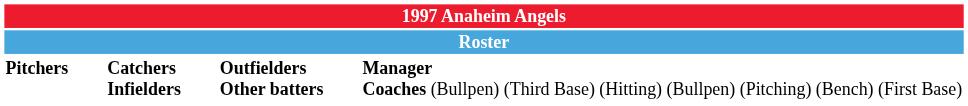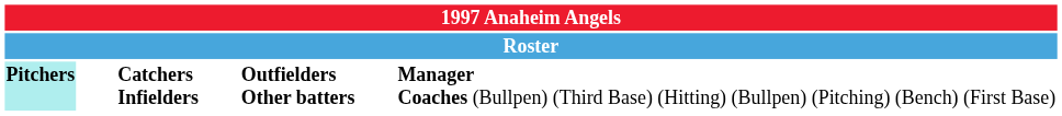 <table class="toccolours" style="font-size: 95%;">
 <tr>
 <th colspan="10" style="background:#ed1b2e; color:white; text-align:center;">1997 Anaheim Angels</th>
 </tr>
 <tr>
 <td colspan="10" style="background:#47a6dc; color:white; text-align:center;"><strong>Roster</strong></td>
 </tr>
 <tr>
-<td valign="top"><strong>Pitchers</strong><br>                    </td>
+<td valign="top" style="background: paleturquoise;"><strong>Pitchers</strong><br>                    </td>
 <td style="width:25px;"></td>
 <td valign="top"><strong>Catchers</strong><br>      <strong>Infielders</strong>         </td>
 <td style="width:25px;"></td>
 <td valign="top"><strong>Outfielders</strong><br>     <strong>Other batters</strong>  </td>
 <td style="width:25px;"></td>
 <td valign="top"><strong>Manager</strong><br> <strong>Coaches</strong>  (Bullpen)  (Third Base)  (Hitting)  (Bullpen)  (Pitching)  (Bench)  (First Base)</td>
 </tr>
 </table>
